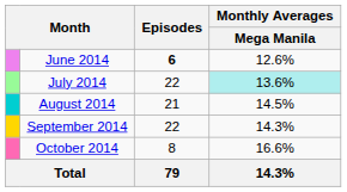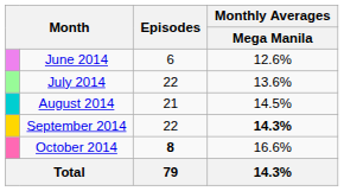 <table class="wikitable plainrowheaders" style="text-align: center; line-height:25px;">
 <tr class="wikitable" style="text-align: center;">
 <th colspan="2" rowspan="2" style="padding: 0 8px;">Month</th>
 <th rowspan="2" style="padding: 0 8px;">Episodes</th>
 <th colspan="2" style="padding: 0 8px;">Monthly Averages</th>
 </tr>
 <tr>
 <th style="padding: 0 8px;">Mega Manila</th>
 </tr>
 <tr>
 <td style="padding: 0 8px; background:#EE82EE;"></td>
 <td style="padding: 0 8px;" '><a href='#'>June 2014</a></td>
-<td style="padding: 0 8px;"><strong>6</strong></td>
+<td style="padding: 0 8px;">6</td>
 <td style="padding: 0 8px;">12.6%</td>
 </tr>
 <tr>
 <td style="padding: 0 8px; background:#98FB98;"></td>
 <td style="padding: 0 8px;" '><a href='#'>July 2014</a></td>
 <td style="padding: 0 8px;">22</td>
-<td style="background: paleturquoise; padding: 0 8px;">13.6%</td>
+<td style="padding: 0 8px;">13.6%</td>
 </tr>
 <tr>
 <td style="padding: 0 8px; background:#00CED1;"></td>
 <td style="padding: 0 8px;" '><a href='#'>August 2014</a></td>
 <td style="padding: 0 8px;">21</td>
 <td style="padding: 0 8px;">14.5%</td>
 </tr>
 <tr>
 <td style="padding: 0 8px; background:#FFD700;"></td>
 <td style="padding: 0 8px;" '><a href='#'>September 2014</a></td>
 <td style="padding: 0 8px;">22</td>
-<td style="padding: 0 8px;">14.3%</td>
+<td style="padding: 0 8px;"><strong>14.3%</strong></td>
 </tr>
 <tr>
 <td style="padding: 0 8px; background:#FF69B4;"></td>
 <td style="padding: 0 8px;" '><a href='#'>October 2014</a></td>
-<td style="padding: 0 8px;">8</td>
+<td style="padding: 0 8px;"><strong>8</strong></td>
 <td style="padding: 0 8px;">16.6%</td>
 </tr>
 <tr>
 <th colspan="2">Total</th>
 <th colspan="1">79</th>
 <th colspan="2">14.3%</th>
 </tr>
 </table>
